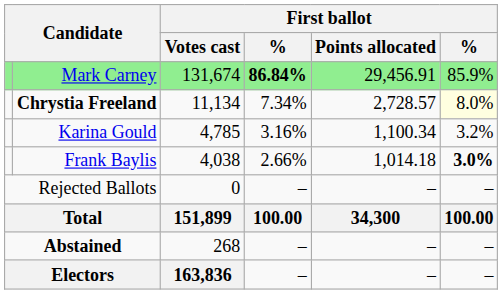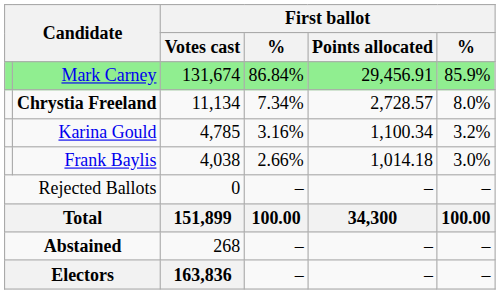 <table class="wikitable">
 <tr>
 <th rowspan="2" colspan="2">Candidate</th>
 <th colspan="4">First ballot</th>
 </tr>
 <tr>
 <th>Votes cast</th>
 <th>%</th>
 <th>Points allocated</th>
 <th>%</th>
 </tr>
 <tr style="text-align:right;background:lightgreen;">
 <td></td>
 <td><a href='#'>Mark Carney</a></td>
 <td>131,674</td>
-<td><strong>86.84%</strong></td>
+<td>86.84%</td>
 <td>29,456.91</td>
 <td>85.9%</td>
 </tr>
 <tr style="text-align:right;">
 <td></td>
 <td><strong>Chrystia Freeland</strong></td>
 <td>11,134</td>
 <td>7.34%</td>
 <td>2,728.57</td>
-<td style="background: lightyellow;">8.0%</td>
+<td>8.0%</td>
 </tr>
 <tr style="text-align:right;">
 <td></td>
 <td><a href='#'>Karina Gould</a></td>
 <td>4,785</td>
 <td>3.16%</td>
 <td>1,100.34</td>
 <td>3.2%</td>
 </tr>
 <tr style="text-align:right;">
 <td></td>
 <td><a href='#'>Frank Baylis</a></td>
 <td>4,038</td>
 <td>2.66%</td>
 <td>1,014.18</td>
-<td><strong>3.0%</strong></td>
+<td>3.0%</td>
 </tr>
 <tr style="text-align:right;">
 <td colspan="2">Rejected Ballots</td>
 <td>0</td>
 <td>–</td>
 <td>–</td>
 <td>–</td>
 </tr>
 <tr style="text-align:right;">
 <th colspan="2">Total</th>
 <th>151,899</th>
 <th>100.00</th>
 <th>34,300</th>
 <th>100.00</th>
 </tr>
 <tr style="text-align:right;">
 <td colspan="2" style="text-align:center;"><strong>Abstained</strong></td>
 <td>268</td>
 <td>–</td>
 <td>–</td>
 <td>–</td>
 </tr>
 <tr style="text-align:right;">
 <th colspan="2">Electors</th>
 <th>163,836</th>
 <td>–</td>
 <td>–</td>
 <td>–</td>
 </tr>
 </table>
